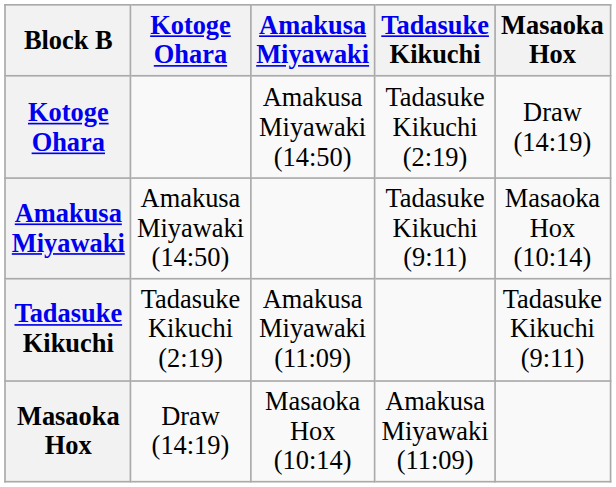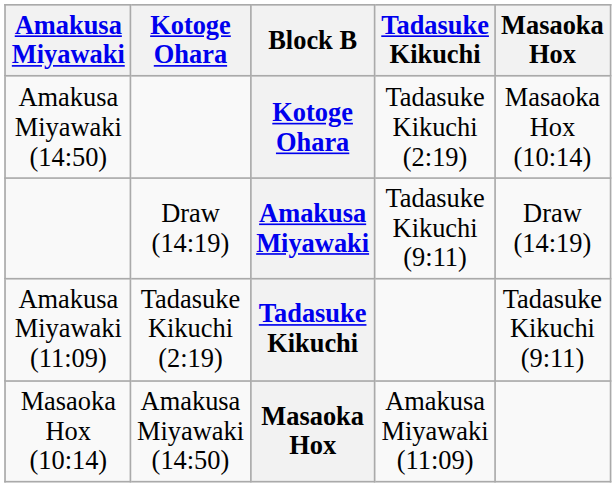 <table class="wikitable" style="text-align:center; margin: 1em auto 1em auto">
 <tr>
+<th><a href='#'>Amakusa</a><br><a href='#'>Miyawaki</a></th>
+<th><a href='#'>Kotoge</a><br><a href='#'>Ohara</a></th>
 <th>Block B</th>
-<th><a href='#'>Kotoge</a><br><a href='#'>Ohara</a></th>
-<th><a href='#'>Amakusa</a><br><a href='#'>Miyawaki</a></th>
 <th><a href='#'>Tadasuke</a><br>Kikuchi</th>
 <th>Masaoka<br>Hox</th>
 </tr>
 <tr>
+<td>Amakusa<br>Miyawaki<br>(14:50)</td>
+<td></td>
 <th><a href='#'>Kotoge</a><br><a href='#'>Ohara</a></th>
+<td>Tadasuke<br>Kikuchi<br>(2:19)</td>
+<td>Masaoka<br>Hox<br>(10:14)</td>
+</tr>
+<tr>
 <td></td>
-<td>Amakusa<br>Miyawaki<br>(14:50)</td>
-<td>Tadasuke<br>Kikuchi<br>(2:19)</td>
+<td>Draw<br>(14:19)</td>
+<th><a href='#'>Amakusa</a><br><a href='#'>Miyawaki</a></th>
+<td>Tadasuke<br>Kikuchi<br>(9:11)</td>
 <td>Draw<br>(14:19)</td>
 </tr>
 <tr>
-<th><a href='#'>Amakusa</a><br><a href='#'>Miyawaki</a></th>
-<td>Amakusa<br>Miyawaki<br>(14:50)</td>
-<td></td>
-<td>Tadasuke<br>Kikuchi<br>(9:11)</td>
-<td>Masaoka<br>Hox<br>(10:14)</td>
-</tr>
-<tr>
+<td>Amakusa<br>Miyawaki<br>(11:09)</td>
+<td>Tadasuke<br>Kikuchi<br>(2:19)</td>
 <th><a href='#'>Tadasuke</a><br>Kikuchi</th>
-<td>Tadasuke<br>Kikuchi<br>(2:19)</td>
-<td>Amakusa<br>Miyawaki<br>(11:09)</td>
 <td></td>
 <td>Tadasuke<br>Kikuchi<br>(9:11)</td>
 </tr>
 <tr>
+<td>Masaoka<br>Hox<br>(10:14)</td>
+<td>Amakusa<br>Miyawaki<br>(14:50)</td>
 <th>Masaoka<br>Hox</th>
-<td>Draw<br>(14:19)</td>
-<td>Masaoka<br>Hox<br>(10:14)</td>
 <td>Amakusa<br>Miyawaki<br>(11:09)</td>
 <td></td>
 </tr>
 </table>
